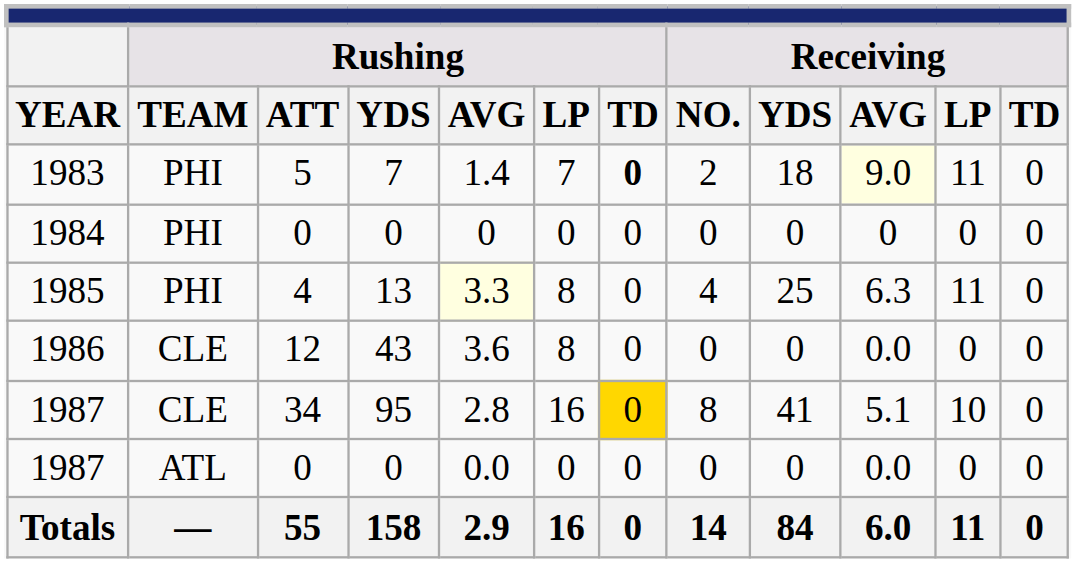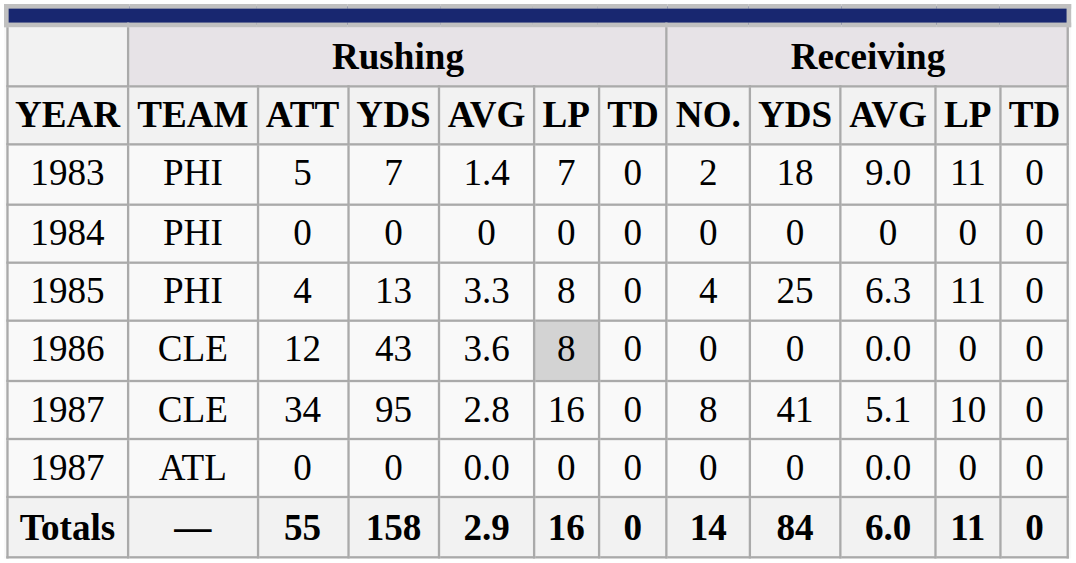 <table class=wikitable style="text-align:center">
 <tr>
 <td ! colspan="15" style="background: #182770; border: 2px solid silver; color:white;"></td>
 </tr>
 <tr>
 <th></th>
 <th colspan="6" style="background:#e7e3e7;">Rushing</th>
 <th colspan="5" style="background:#e7e3e7;">Receiving</th>
 </tr>
 <tr>
 <th>YEAR</th>
 <th>TEAM</th>
 <th>ATT</th>
 <th>YDS</th>
 <th>AVG</th>
 <th>LP</th>
 <th>TD</th>
 <th>NO.</th>
 <th>YDS</th>
 <th>AVG</th>
 <th>LP</th>
 <th>TD</th>
 </tr>
 <tr>
 <td>1983</td>
 <td>PHI</td>
 <td>5</td>
 <td>7</td>
 <td>1.4</td>
 <td>7</td>
-<td><strong>0</strong></td>
+<td>0</td>
 <td>2</td>
 <td>18</td>
-<td style="background: lightyellow;">9.0</td>
+<td>9.0</td>
 <td>11</td>
 <td>0</td>
 </tr>
 <tr>
 <td>1984</td>
 <td>PHI</td>
 <td>0</td>
 <td>0</td>
 <td>0</td>
 <td>0</td>
 <td>0</td>
 <td>0</td>
 <td>0</td>
 <td>0</td>
 <td>0</td>
 <td>0</td>
 </tr>
 <tr>
 <td>1985</td>
 <td>PHI</td>
 <td>4</td>
 <td>13</td>
-<td style="background: lightyellow;">3.3</td>
+<td>3.3</td>
 <td>8</td>
 <td>0</td>
 <td>4</td>
 <td>25</td>
 <td>6.3</td>
 <td>11</td>
 <td>0</td>
 </tr>
 <tr>
 <td>1986</td>
 <td>CLE</td>
 <td>12</td>
 <td>43</td>
 <td>3.6</td>
-<td>8</td>
+<td style="background: lightgrey;">8</td>
 <td>0</td>
 <td>0</td>
 <td>0</td>
 <td>0.0</td>
 <td>0</td>
 <td>0</td>
 </tr>
 <tr>
 <td>1987</td>
 <td>CLE</td>
 <td>34</td>
 <td>95</td>
 <td>2.8</td>
 <td>16</td>
-<td style="background: gold;">0</td>
+<td>0</td>
 <td>8</td>
 <td>41</td>
 <td>5.1</td>
 <td>10</td>
 <td>0</td>
 </tr>
 <tr>
 <td>1987</td>
 <td>ATL</td>
 <td>0</td>
 <td>0</td>
 <td>0.0</td>
 <td>0</td>
 <td>0</td>
 <td>0</td>
 <td>0</td>
 <td>0.0</td>
 <td>0</td>
 <td>0</td>
 </tr>
 <tr>
 <th>Totals</th>
 <th>—</th>
 <th>55</th>
 <th>158</th>
 <th>2.9</th>
 <th>16</th>
 <th>0</th>
 <th>14</th>
 <th>84</th>
 <th>6.0</th>
 <th>11</th>
 <th>0</th>
 </tr>
 </table>
